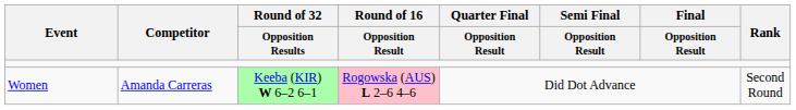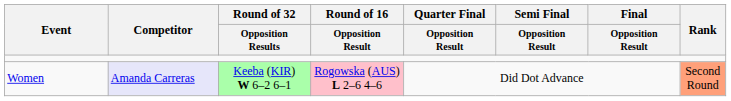 <table class=wikitable style="font-size:90%">
 <tr>
 <th rowspan="2" width=150>Event</th>
 <th rowspan="2" width=150>Competitor</th>
 <th width=125>Round of 32</th>
 <th width=125>Round of 16</th>
 <th width=125>Quarter Final</th>
 <th width=125>Semi Final</th>
 <th width=125>Final</th>
 <th rowspan="2" width=50>Rank</th>
 </tr>
 <tr>
 <th style="line-height:1em"><small>Opposition<br>Results</small></th>
 <th style="line-height:1em"><small>Opposition<br>Result</small></th>
 <th style="line-height:1em"><small>Opposition<br>Result</small></th>
 <th style="line-height:1em"><small>Opposition<br>Result</small></th>
 <th style="line-height:1em"><small>Opposition<br>Result</small></th>
 </tr>
 <tr>
 <td colspan=8 height=1></td>
 </tr>
 <tr>
 <td><a href='#'>Women</a></td>
-<td><a href='#'>Amanda Carreras</a></td>
+<td style="background: lavender;"><a href='#'>Amanda Carreras</a></td>
 <td align="center" bgcolor="aaffaa"> <a href='#'>Keeba</a> (<a href='#'>KIR</a>)<br><strong>W</strong> 6–2 6–1</td>
 <td align="center" bgcolor="pink"> <a href='#'>Rogowska</a> (<a href='#'>AUS</a>)<br><strong>L</strong> 2–6 4–6</td>
 <td align="center" colspan="3">Did Dot Advance</td>
-<td align="center">Second Round</td>
+<td align="center" style="background: lightsalmon;">Second Round</td>
 </tr>
 </table>
